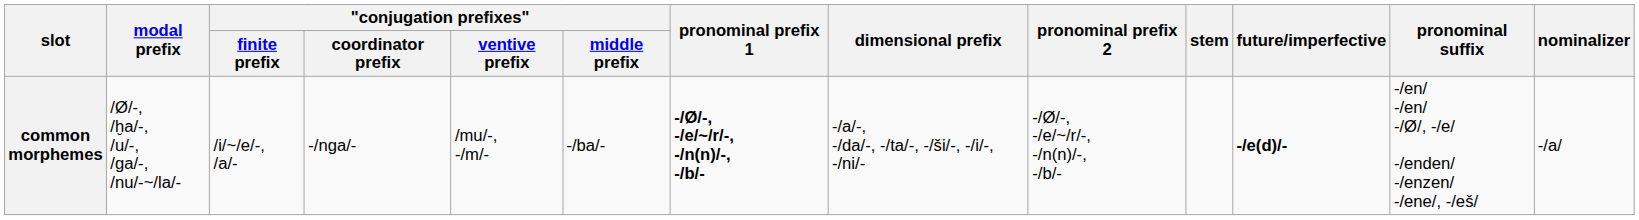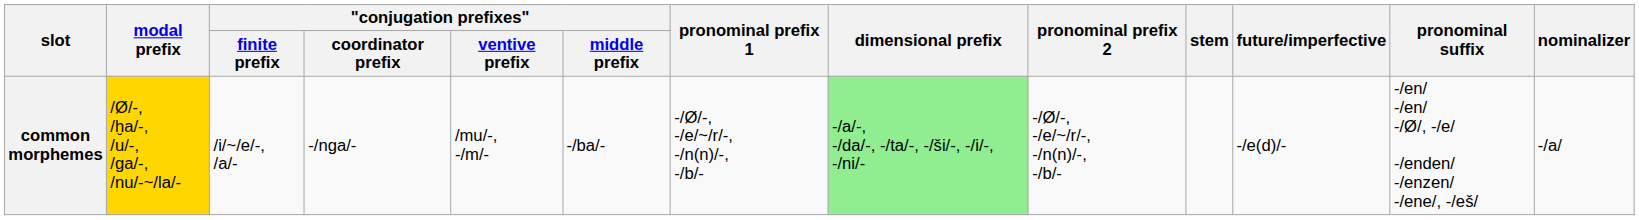 <table class="wikitable">
 <tr>
 <th rowspan="2">slot</th>
 <th rowspan="2"><a href='#'>modal</a> prefix</th>
 <th colspan="4">"conjugation prefixes"</th>
 <th rowspan="2">pronominal prefix 1</th>
 <th rowspan="2">dimensional prefix</th>
 <th rowspan="2">pronominal prefix 2</th>
 <th rowspan="2">stem</th>
 <th rowspan="2">future/imperfective</th>
 <th rowspan="2">pronominal suffix</th>
 <th rowspan="2">nominalizer</th>
 </tr>
 <tr>
 <th><a href='#'>finite</a> prefix</th>
 <th>coordinator prefix</th>
 <th><a href='#'>ventive</a> prefix</th>
 <th><a href='#'>middle</a> prefix</th>
 </tr>
 <tr>
 <th>common<br>morphemes</th>
-<td>/Ø/-,<br>/ḫa/-,<br>/u/-,<br>/ga/-,<br>/nu/-~/la/-</td>
+<td style="background: gold;">/Ø/-,<br>/ḫa/-,<br>/u/-,<br>/ga/-,<br>/nu/-~/la/-</td>
 <td><em><br></em>/i/~/e/-,<br>/a/-</td>
 <td>-/nga/-</td>
 <td>/mu/-,<br>-/m/-</td>
 <td>-/ba/-</td>
-<td><strong>-/Ø/-,<br>-/e/~/r/-,<br>-/n(n)/-,<br>-/b/-</strong></td>
-<td>-/a/-,<br>-/da/-, -/ta/-, -/ši/-, -/i/-, -/ni/-</td>
+<td>-/Ø/-,<br>-/e/~/r/-,<br>-/n(n)/-,<br>-/b/-</td>
+<td style="background: lightgreen;">-/a/-,<br>-/da/-, -/ta/-, -/ši/-, -/i/-, -/ni/-</td>
 <td>-/Ø/-,<br>-/e/~/r/-,<br>-/n(n)/-,<br>-/b/-</td>
 <td></td>
-<td><strong>-/e(d)/-</strong></td>
+<td>-/e(d)/-</td>
 <td>-/en/<br>-/en/<br>-/Ø/, -/e/<br><br>-/enden/<br> -/enzen/<br>-/ene/, -/eš/<br></td>
 <td>-/a/</td>
 </tr>
 </table>
